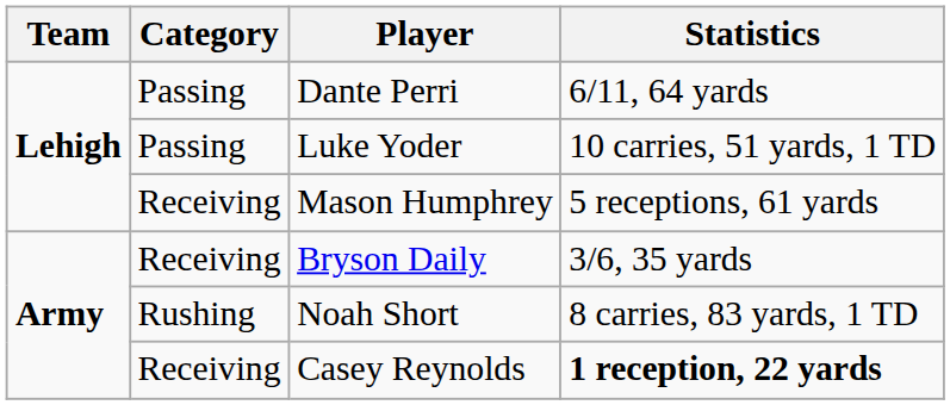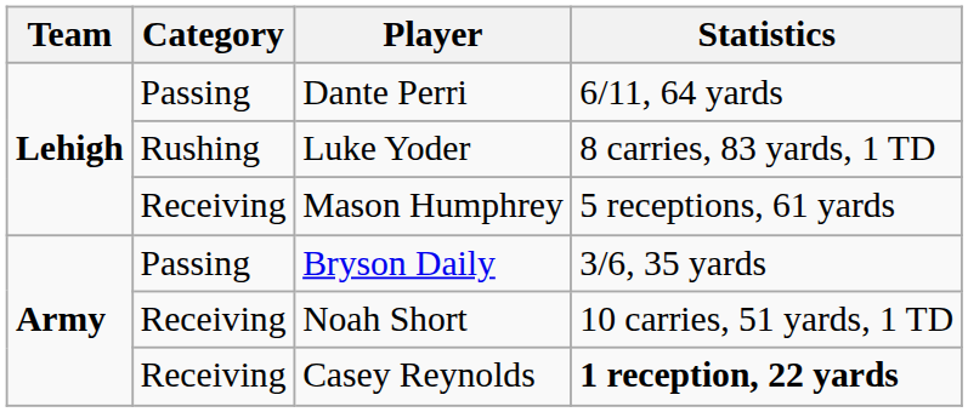 <table class="wikitable" style="float: right;">
 <tr>
 <th>Team</th>
 <th>Category</th>
 <th>Player</th>
 <th>Statistics</th>
 </tr>
 <tr>
 <td rowspan=3><strong>Lehigh</strong></td>
 <td>Passing</td>
 <td>Dante Perri</td>
 <td>6/11, 64 yards</td>
 </tr>
 <tr>
-<td>Passing</td>
+<td>Rushing</td>
 <td>Luke Yoder</td>
-<td>10 carries, 51 yards, 1 TD</td>
+<td>8 carries, 83 yards, 1 TD</td>
 </tr>
 <tr>
 <td>Receiving</td>
 <td>Mason Humphrey</td>
 <td>5 receptions, 61 yards</td>
 </tr>
 <tr>
 <td rowspan=3><strong>Army</strong></td>
-<td>Receiving</td>
+<td>Passing</td>
 <td><a href='#'>Bryson Daily</a></td>
 <td>3/6, 35 yards</td>
 </tr>
 <tr>
-<td>Rushing</td>
+<td>Receiving</td>
 <td>Noah Short</td>
-<td>8 carries, 83 yards, 1 TD</td>
+<td>10 carries, 51 yards, 1 TD</td>
 </tr>
 <tr>
 <td>Receiving</td>
 <td>Casey Reynolds</td>
 <td><strong>1 reception, 22 yards</strong></td>
 </tr>
 </table>
